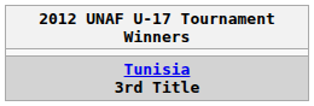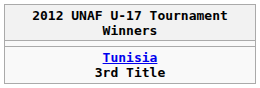 <table class="wikitable" style="text-align: center; margin: 0 auto; width: 20%">
 <tr>
 <th>2012 UNAF U-17 Tournament Winners</th>
 </tr>
 <tr>
 <td></td>
 </tr>
 <tr>
-<td style="background: lightgrey;"><strong><a href='#'>Tunisia</a></strong><br><strong>3rd Title</strong></td>
+<td><strong><a href='#'>Tunisia</a></strong><br><strong>3rd Title</strong></td>
 </tr>
 </table>
